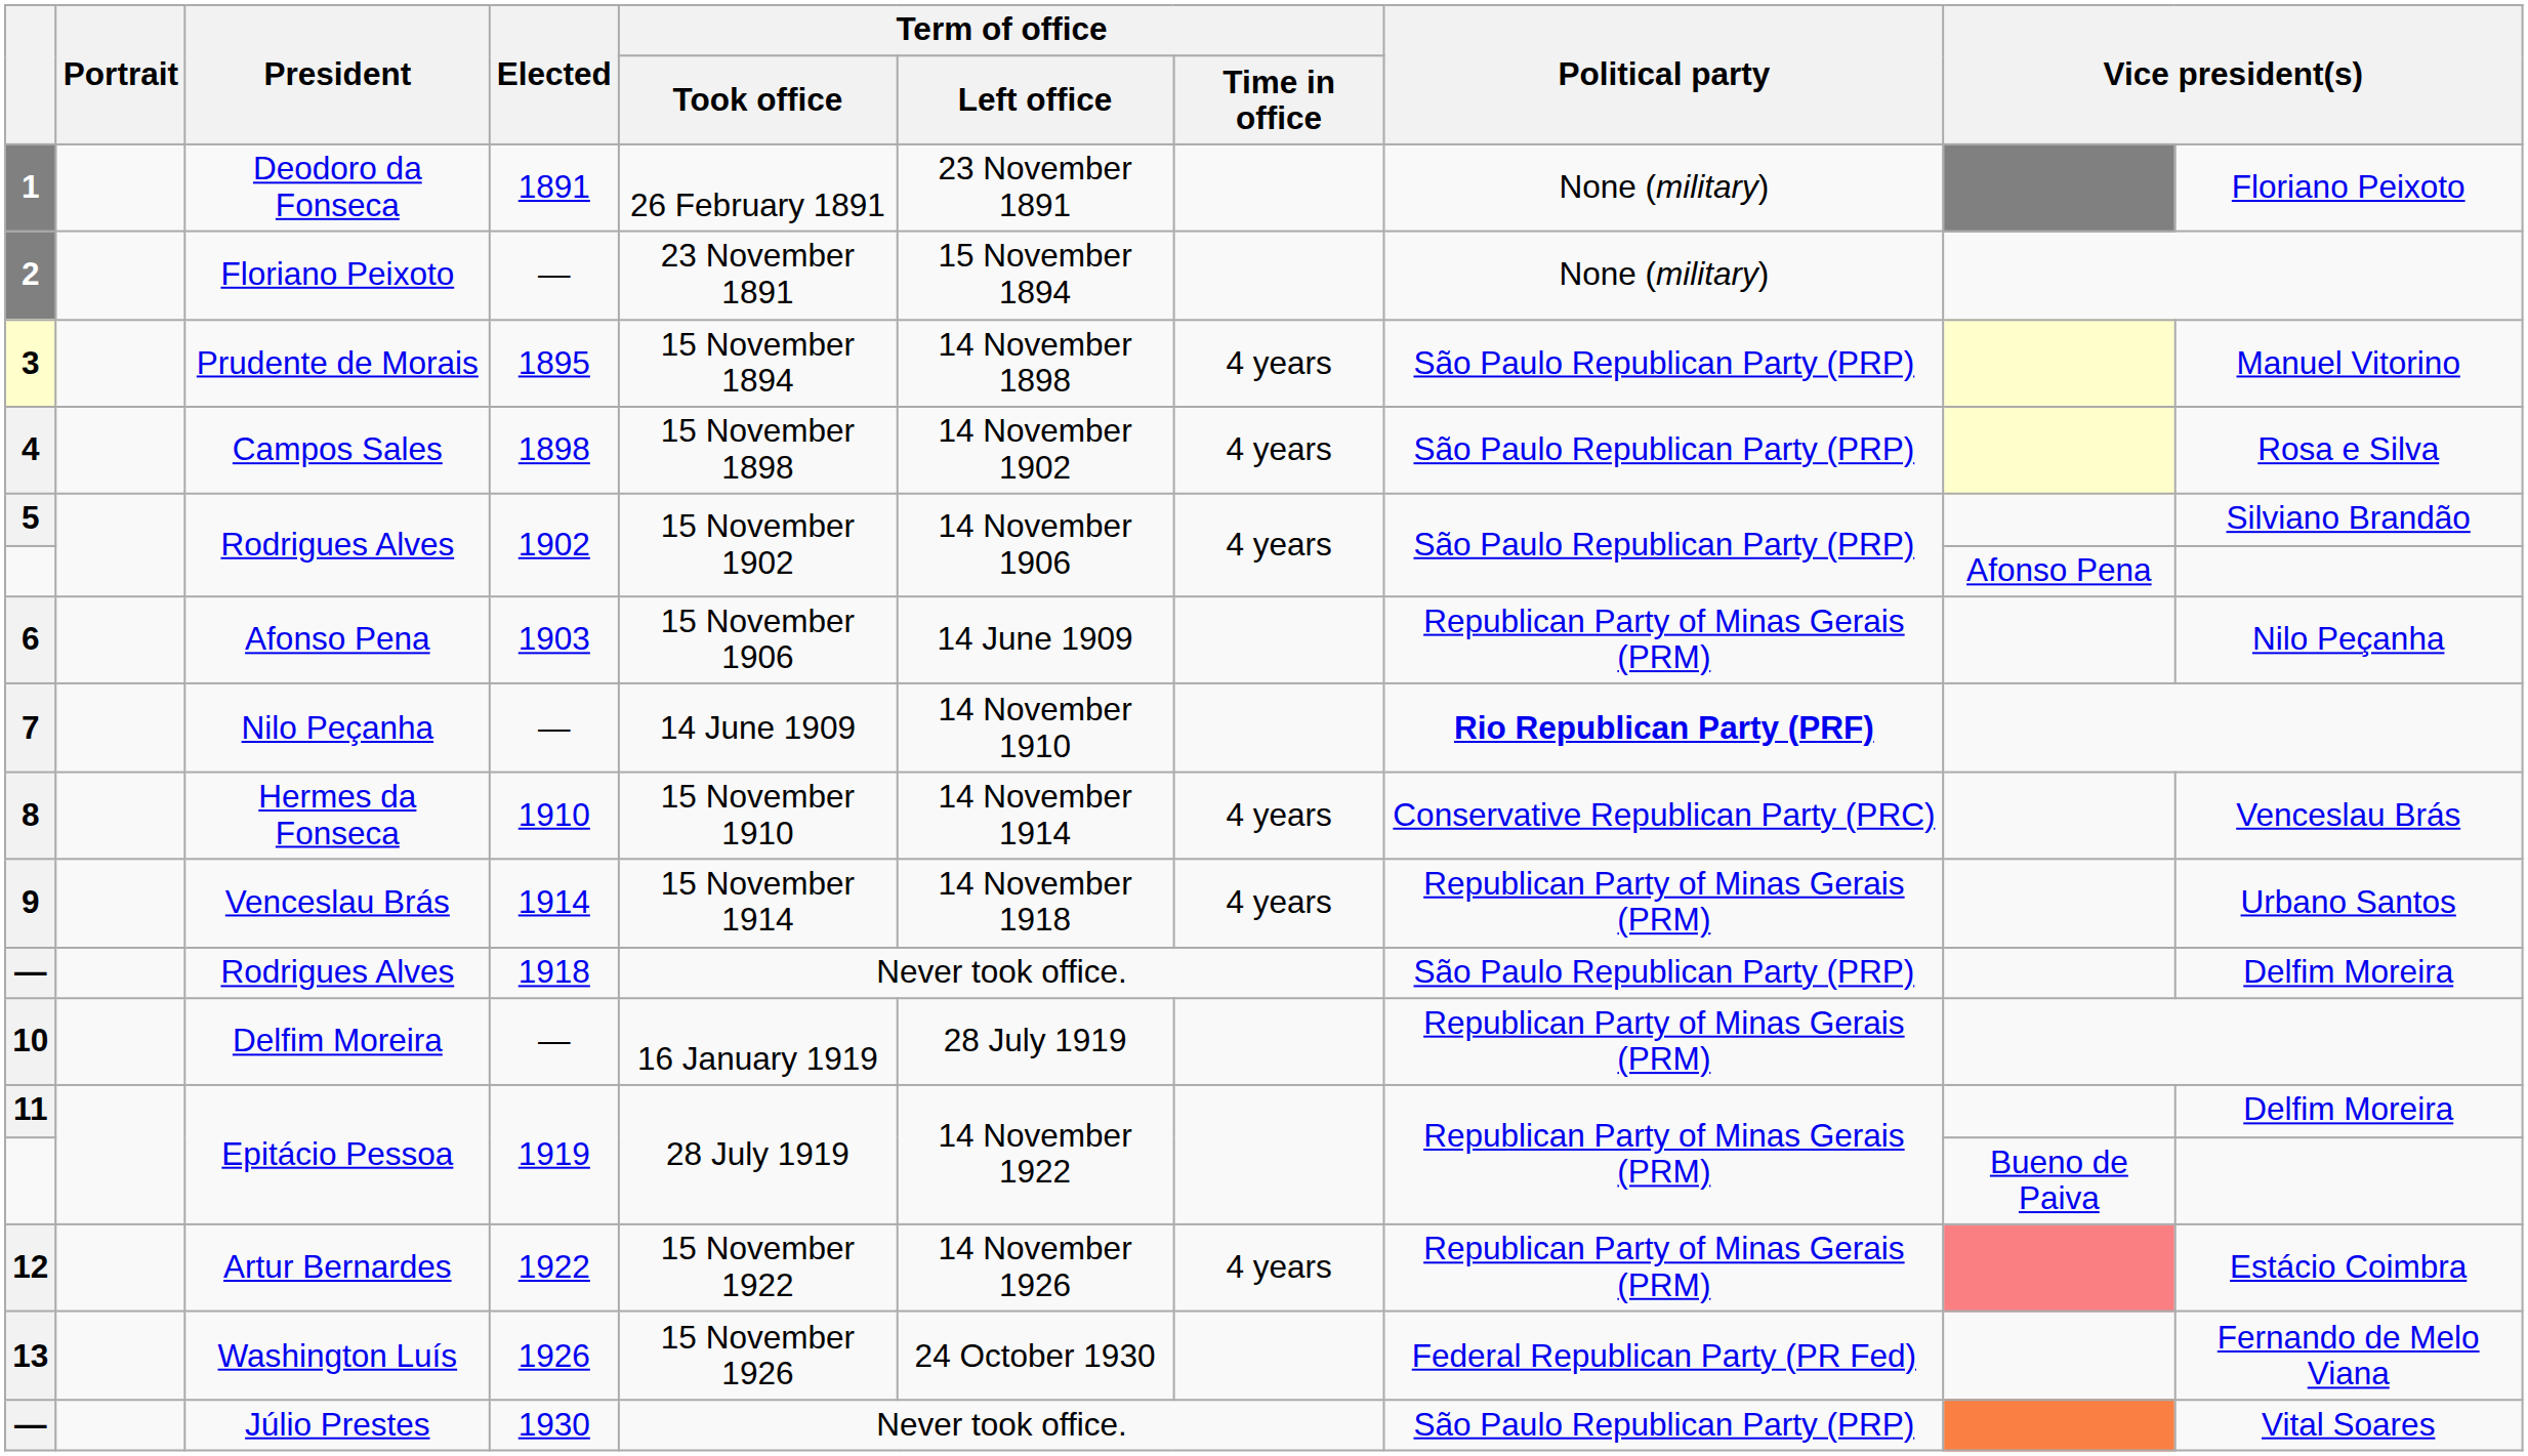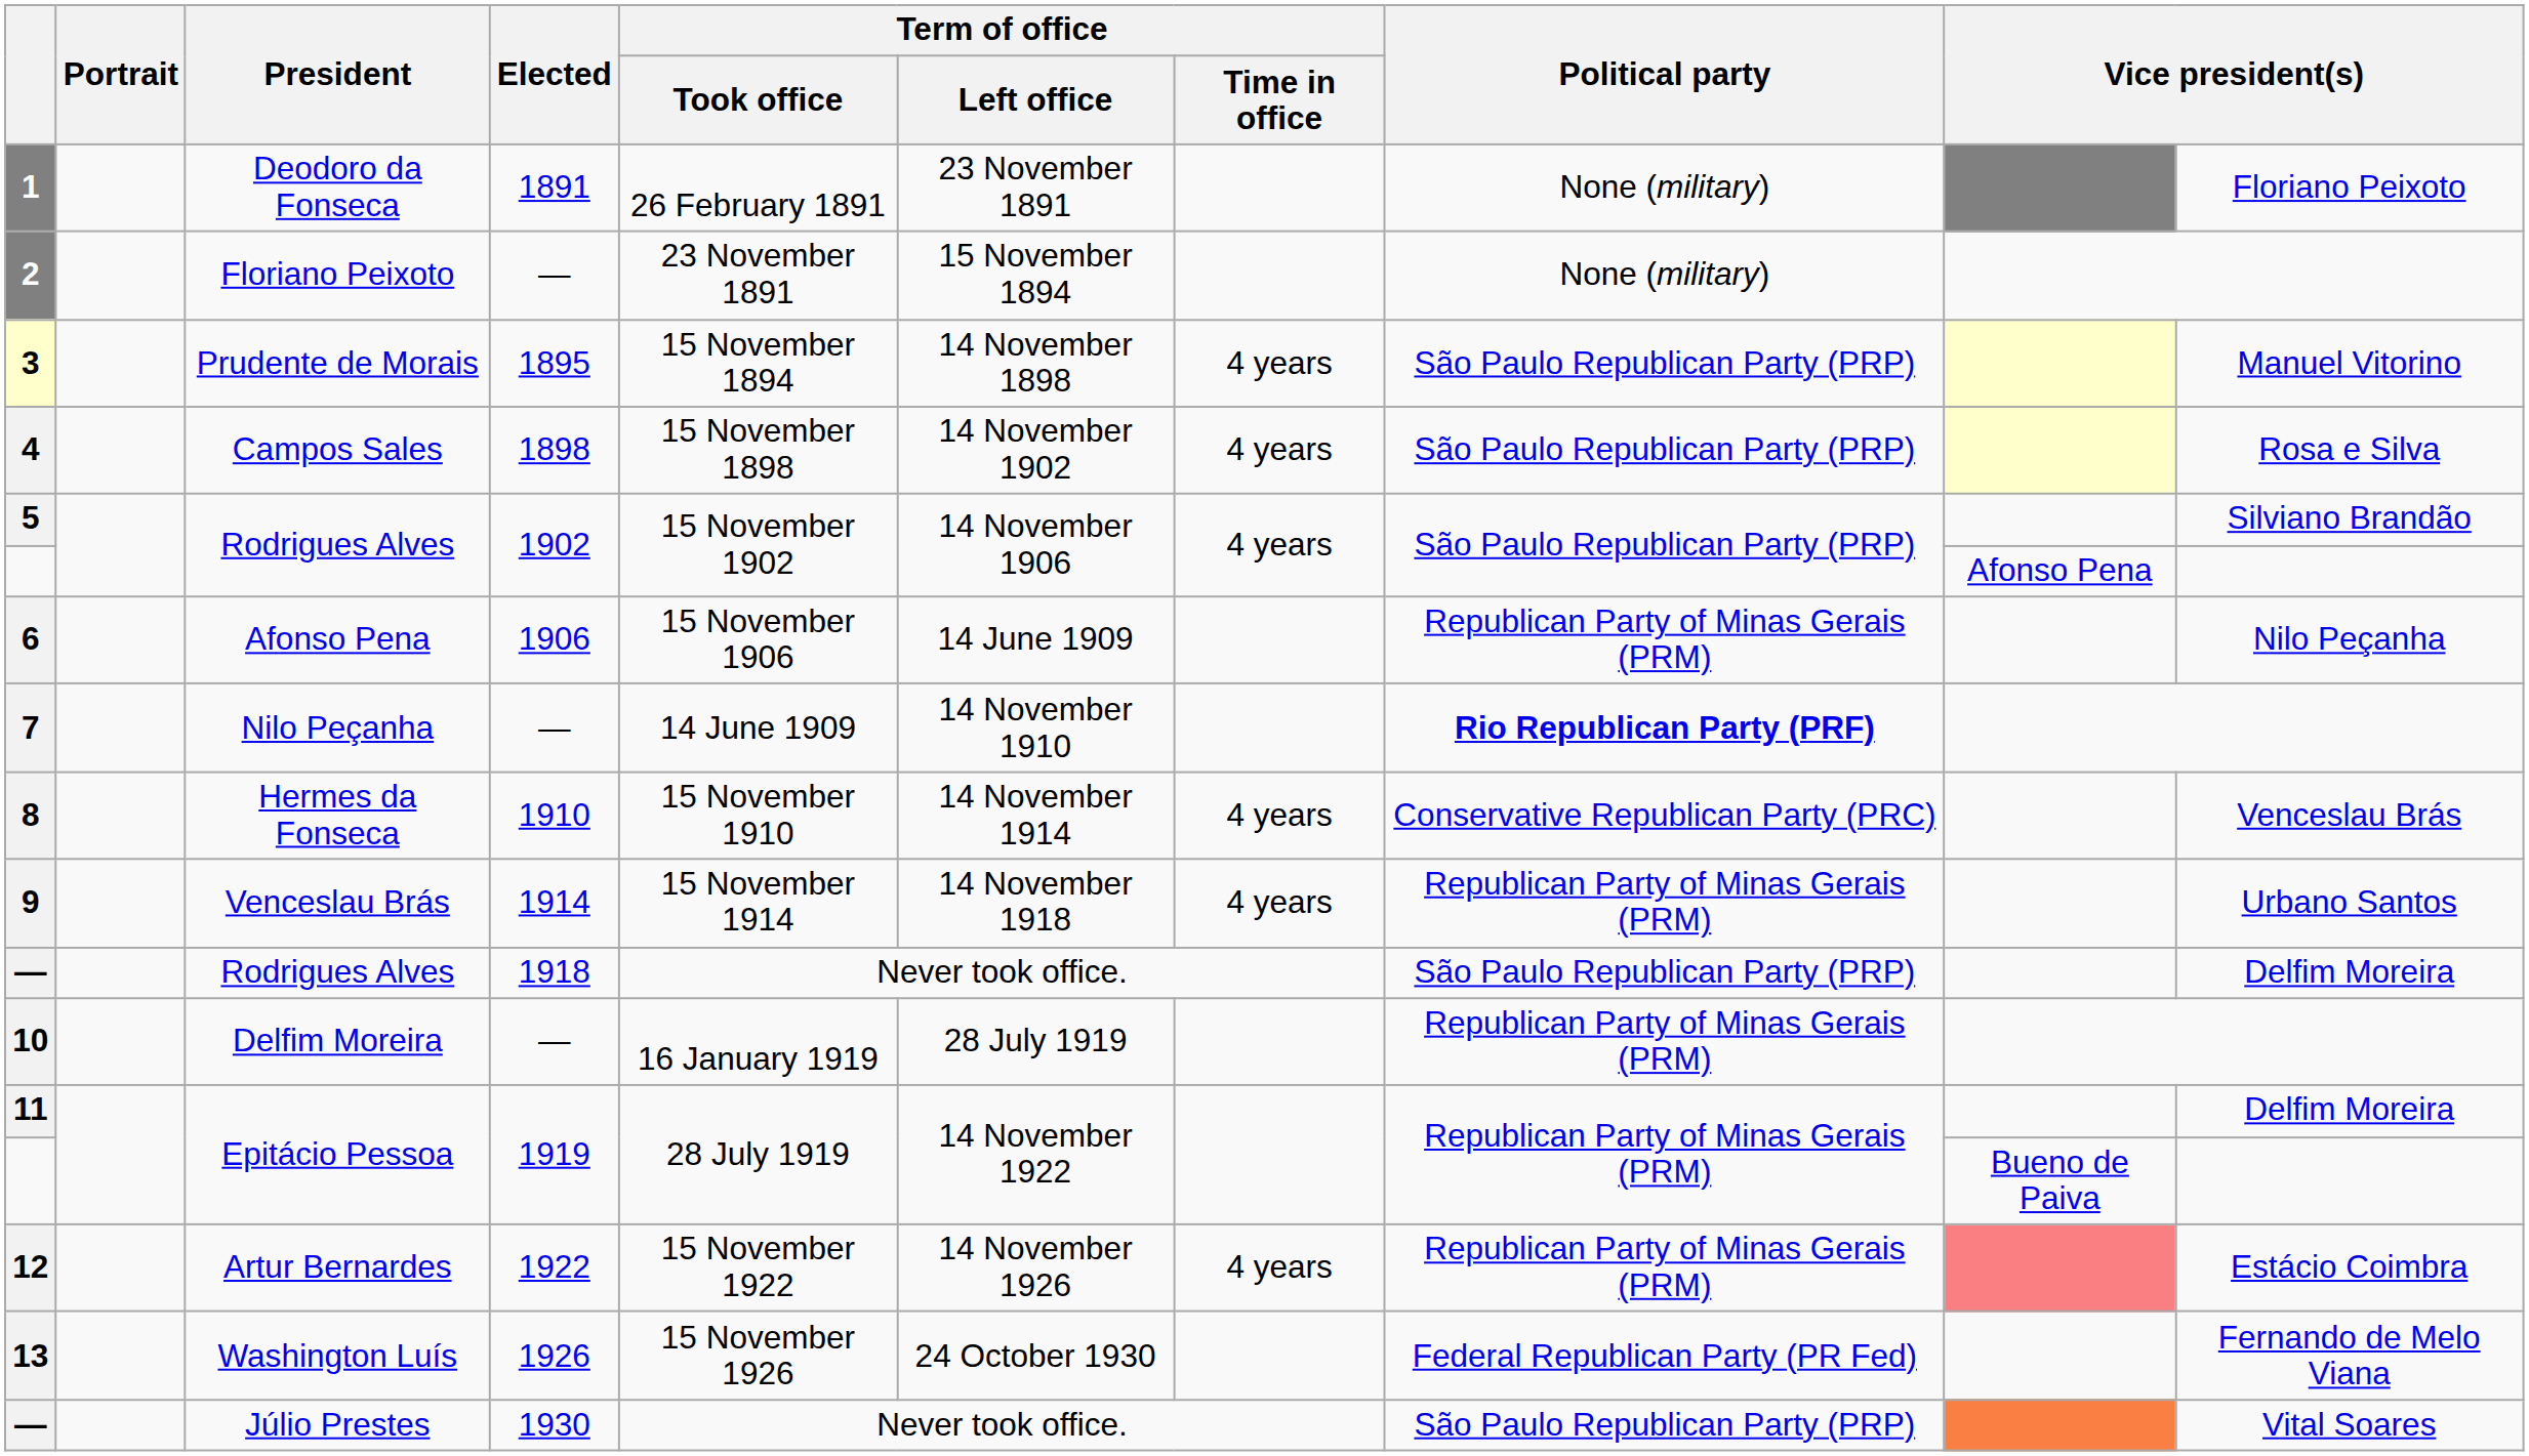 <table class=wikitable style=text-align:center>
 <tr>
 <th rowspan="2"></th>
 <th rowspan="2">Portrait</th>
 <th rowspan="2">President<br></th>
 <th rowspan="2">Elected</th>
 <th colspan="3"><strong>Term of office</strong></th>
 <th rowspan="2">Political party</th>
 <th colspan="2" rowspan="2">Vice president(s)</th>
 </tr>
 <tr bgcolor="#cccccc">
 <th>Took office</th>
 <th>Left office</th>
 <th>Time in office</th>
 </tr>
 <tr>
 <th style="background:gray; color:white;">1</th>
 <td></td>
 <td><a href='#'>Deodoro da Fonseca</a><br></td>
 <td><a href='#'>1891</a></td>
 <td><br>26 February 1891</td>
 <td>23 November 1891 </td>
 <td></td>
 <td>None (<em>military</em>)</td>
 <td style="background:gray;"></td>
 <td><a href='#'>Floriano Peixoto</a></td>
 </tr>
 <tr>
 <th style="background:gray; color:white;">2</th>
 <td></td>
 <td><a href='#'>Floriano Peixoto</a><br></td>
 <td>—</td>
 <td>23 November 1891</td>
 <td>15 November 1894 </td>
 <td></td>
 <td>None (<em>military</em>)</td>
 <td colspan="2" ></td>
 </tr>
 <tr>
 <th style="background:#FFFFCC;">3</th>
 <td></td>
 <td><a href='#'>Prudente de Morais</a><br></td>
 <td><a href='#'>1895</a></td>
 <td>15 November 1894</td>
 <td>14 November 1898</td>
 <td>4 years</td>
 <td><a href='#'>São Paulo Republican Party (PRP)</a></td>
 <td style="background:#FFFFCC;"></td>
 <td><a href='#'>Manuel Vitorino</a><br></td>
 </tr>
 <tr>
 <th style="background:">4</th>
 <td></td>
 <td><a href='#'>Campos Sales</a><br></td>
 <td><a href='#'>1898</a></td>
 <td>15 November 1898</td>
 <td>14 November 1902</td>
 <td>4 years</td>
 <td><a href='#'>São Paulo Republican Party (PRP)</a></td>
 <td style="background:#FFFFCC;"></td>
 <td><a href='#'>Rosa e Silva</a><br></td>
 </tr>
 <tr>
 <th style="background:">5</th>
 <td rowspan="2"></td>
 <td rowspan="2"><a href='#'>Rodrigues Alves</a><br></td>
 <td rowspan="2"><a href='#'>1902</a></td>
 <td rowspan="2">15 November 1902</td>
 <td rowspan="2">14 November 1906</td>
 <td rowspan="2">4 years</td>
 <td rowspan="2"><a href='#'>São Paulo Republican Party (PRP)</a></td>
 <td style="background:"></td>
 <td><a href='#'>Silviano Brandão</a><br></td>
 </tr>
 <tr>
 <td style="background:"></td>
 <td><a href='#'>Afonso Pena</a><br></td>
 </tr>
 <tr>
 <th style="background:">6</th>
 <td></td>
 <td><a href='#'>Afonso Pena</a><br></td>
-<td><a href='#'>1903</a></td>
+<td><a href='#'>1906</a></td>
 <td>15 November 1906</td>
 <td>14 June 1909 </td>
 <td></td>
 <td><a href='#'>Republican Party of Minas Gerais (PRM)</a></td>
 <td style="background:"></td>
 <td><a href='#'>Nilo Peçanha</a><br></td>
 </tr>
 <tr>
 <th style="background:">7</th>
 <td></td>
 <td><a href='#'>Nilo Peçanha</a><br></td>
 <td>—</td>
 <td>14 June 1909</td>
 <td>14 November 1910</td>
 <td></td>
 <td><strong><a href='#'>Rio Republican Party (PRF)</a></strong></td>
 <td colspan=2 ></td>
 </tr>
 <tr>
 <th style="background:">8</th>
 <td></td>
 <td><a href='#'>Hermes da Fonseca</a><br></td>
 <td><a href='#'>1910</a></td>
 <td>15 November 1910</td>
 <td>14 November 1914</td>
 <td>4 years</td>
 <td><a href='#'>Conservative Republican Party (PRC)</a> <br></td>
 <td style="background:"></td>
 <td><a href='#'>Venceslau Brás</a><br></td>
 </tr>
 <tr>
 <th style="background:">9</th>
 <td></td>
 <td><a href='#'>Venceslau Brás</a><br></td>
 <td><a href='#'>1914</a></td>
 <td>15 November 1914</td>
 <td>14 November 1918</td>
 <td>4 years</td>
 <td><a href='#'>Republican Party of Minas Gerais (PRM)</a></td>
 <td style="background:"></td>
 <td><a href='#'>Urbano Santos</a><br></td>
 </tr>
 <tr>
 <th style="background:">—</th>
 <td></td>
 <td><a href='#'>Rodrigues Alves</a><br></td>
 <td><a href='#'>1918</a></td>
 <td colspan="3" align="center">Never took office.</td>
 <td><a href='#'>São Paulo Republican Party (PRP)</a></td>
 <td style="background:"></td>
 <td><a href='#'>Delfim Moreira</a><br></td>
 </tr>
 <tr>
 <th style="background:">10</th>
 <td></td>
 <td><a href='#'>Delfim Moreira</a><br></td>
 <td>—</td>
 <td><br>16 January 1919</td>
 <td>28 July 1919 </td>
 <td></td>
 <td><a href='#'>Republican Party of Minas Gerais (PRM)</a></td>
 <td colspan=2 ></td>
 </tr>
 <tr>
 <th style="background:">11</th>
 <td rowspan="2"></td>
 <td rowspan="2"><a href='#'>Epitácio Pessoa</a><br></td>
 <td rowspan=2><a href='#'>1919</a></td>
 <td rowspan=2>28 July 1919</td>
 <td rowspan=2>14 November 1922</td>
 <td rowspan="2"></td>
 <td rowspan="2"><a href='#'>Republican Party of Minas Gerais (PRM)</a></td>
 <td style="background:"></td>
 <td><a href='#'>Delfim Moreira</a><br></td>
 </tr>
 <tr>
 <td style="background:"></td>
 <td><a href='#'>Bueno de Paiva</a><br></td>
 </tr>
 <tr>
 <th style="background:">12</th>
 <td></td>
 <td><a href='#'>Artur Bernardes</a><br></td>
 <td><a href='#'>1922</a></td>
 <td>15 November 1922</td>
 <td>14 November 1926</td>
 <td>4 years</td>
 <td><a href='#'>Republican Party of Minas Gerais (PRM)</a></td>
 <td style="background:#F97F83;"></td>
 <td><a href='#'>Estácio Coimbra</a><br></td>
 </tr>
 <tr>
 <th style="background:">13</th>
 <td></td>
 <td><a href='#'>Washington Luís</a><br></td>
 <td><a href='#'>1926</a></td>
 <td>15 November 1926</td>
 <td>24 October 1930 </td>
 <td></td>
 <td><a href='#'>Federal Republican Party (PR Fed)</a></td>
 <td style="background:"></td>
 <td><a href='#'>Fernando de Melo Viana</a><br></td>
 </tr>
 <tr>
 <th style="background:">—</th>
 <td></td>
 <td><a href='#'>Júlio Prestes</a><br></td>
 <td><a href='#'>1930</a></td>
 <td colspan="3" align="center">Never took office.</td>
 <td><a href='#'>São Paulo Republican Party (PRP)</a></td>
 <td style="background:#F97F43;"></td>
 <td><a href='#'>Vital Soares</a><br></td>
 </tr>
 </table>
